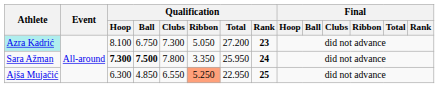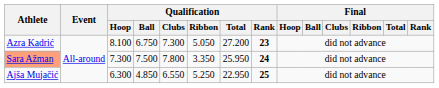 <table class=wikitable style="font-size:90%">
 <tr>
 <th rowspan="2">Athlete</th>
 <th rowspan="2">Event</th>
 <th colspan=6>Qualification</th>
 <th colspan=6>Final</th>
 </tr>
 <tr style="font-size:95%">
 <th>Hoop</th>
 <th>Ball</th>
 <th>Clubs</th>
 <th>Ribbon</th>
 <th>Total</th>
 <th>Rank</th>
 <th>Hoop</th>
 <th>Ball</th>
 <th>Clubs</th>
 <th>Ribbon</th>
 <th>Total</th>
 <th>Rank</th>
 </tr>
 <tr align=center>
-<td align=left style="background: paleturquoise;"><a href='#'>Azra Kadrić</a></td>
+<td align=left><a href='#'>Azra Kadrić</a></td>
 <td align=left rowspan=3><a href='#'>All-around</a></td>
 <td>8.100</td>
 <td>6.750</td>
 <td>7.300</td>
 <td>5.050</td>
 <td>27.200</td>
 <td><strong>23</strong></td>
 <td colspan=6>did not advance</td>
 </tr>
 <tr align=center>
-<td align=left><a href='#'>Sara Ažman</a></td>
-<td><strong>7.300</strong></td>
-<td><strong>7.500</strong></td>
+<td align=left style="background: lightsalmon;"><a href='#'>Sara Ažman</a></td>
+<td>7.300</td>
+<td>7.500</td>
 <td>7.800</td>
 <td>3.350</td>
 <td>25.950</td>
 <td><strong>24</strong></td>
 <td colspan=6>did not advance</td>
 </tr>
 <tr align=center>
 <td align=left><a href='#'>Ajša Mujačić</a></td>
 <td>6.300</td>
 <td>4.850</td>
 <td>6.550</td>
-<td style="background: lightsalmon;">5.250</td>
+<td>5.250</td>
 <td>22.950</td>
 <td><strong>25</strong></td>
 <td colspan=6>did not advance</td>
 </tr>
 </table>
